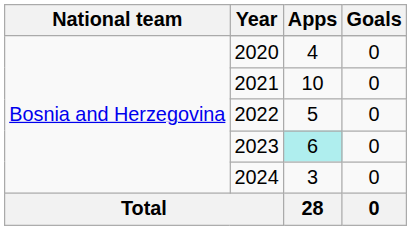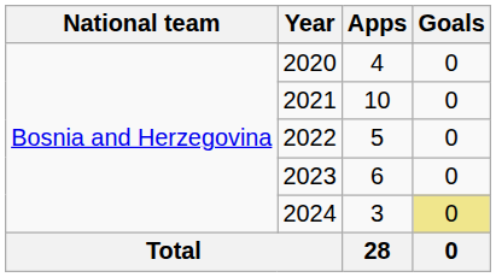 <table class="wikitable" style="text-align:center">
 <tr>
 <th>National team</th>
 <th>Year</th>
 <th>Apps</th>
 <th>Goals</th>
 </tr>
 <tr>
 <td rowspan=6><a href='#'>Bosnia and Herzegovina</a></td>
 </tr>
 <tr>
 <td>2020</td>
 <td>4</td>
 <td>0</td>
 </tr>
 <tr>
 <td>2021</td>
 <td>10</td>
 <td>0</td>
 </tr>
 <tr>
 <td>2022</td>
 <td>5</td>
 <td>0</td>
 </tr>
 <tr>
 <td>2023</td>
-<td style="background: paleturquoise;">6</td>
+<td>6</td>
 <td>0</td>
 </tr>
 <tr>
 <td>2024</td>
 <td>3</td>
-<td>0</td>
+<td style="background: khaki;">0</td>
 </tr>
 <tr>
 <th colspan=2>Total</th>
 <th>28</th>
 <th>0</th>
 </tr>
 </table>
